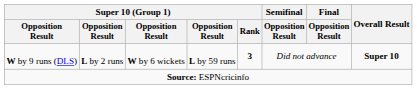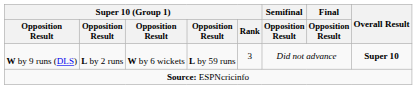 <table class=wikitable style=font-size:90%;text-align:center>
 <tr>
 <th colspan=5>Super 10 (Group 1)</th>
 <th>Semifinal</th>
 <th>Final</th>
 <th rowspan=2>Overall Result</th>
 </tr>
 <tr style=font-size:95%>
 <th>Opposition<br>Result</th>
 <th>Opposition<br>Result</th>
 <th>Opposition<br>Result</th>
 <th>Opposition<br>Result</th>
 <th>Rank</th>
 <th>Opposition<br>Result</th>
 <th>Opposition<br>Result</th>
 </tr>
 <tr>
 <td><br><strong>W</strong> by 9 runs (<a href='#'>DLS</a>)</td>
 <td><br><strong>L</strong> by 2 runs</td>
 <td><br><strong>W</strong> by 6 wickets</td>
 <td><br><strong>L</strong> by 59 runs</td>
-<td><strong>3</strong></td>
+<td>3</td>
 <td colspan="2"><em>Did not advance</em></td>
 <td><strong>Super 10</strong></td>
 </tr>
 <tr>
 <td colspan="11"><strong>Source:</strong> ESPNcricinfo</td>
 </tr>
 </table>
